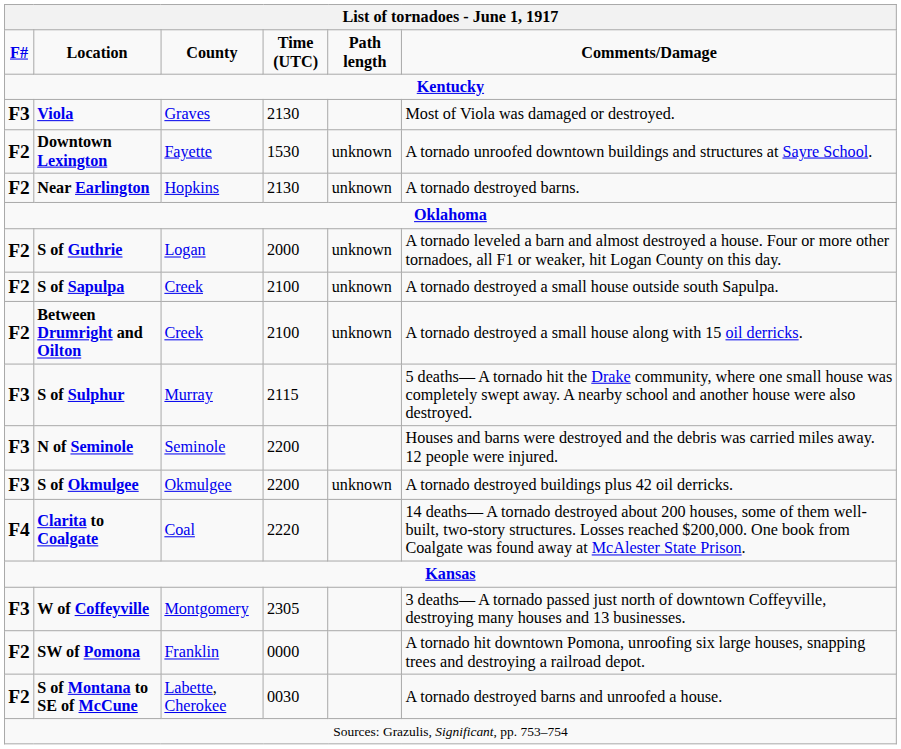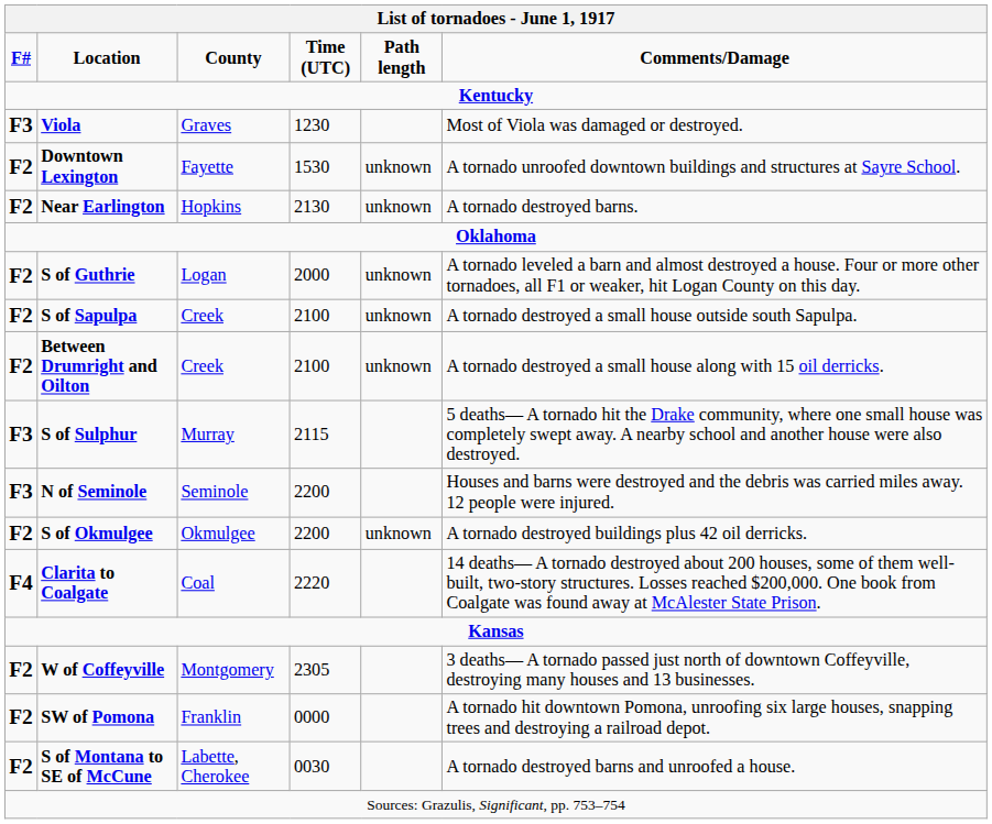 <table class="wikitable collapsible" style="width:100%;">
 <tr>
 <th colspan="6">List of tornadoes - June 1, 1917</th>
 </tr>
 <tr style="text-align:center;">
 <td><strong><a href='#'>F#</a></strong></td>
 <td><strong>Location</strong></td>
 <td><strong>County</strong></td>
 <td><strong>Time (UTC)</strong></td>
 <td><strong>Path length</strong></td>
 <td><strong>Comments/Damage</strong></td>
 </tr>
 <tr>
 <td colspan="7" style="text-align:center;"><strong><a href='#'>Kentucky</a></strong></td>
 </tr>
 <tr>
 <td><big><strong>F3</strong></big></td>
 <td><strong><a href='#'>Viola</a></strong></td>
 <td><a href='#'>Graves</a></td>
-<td>2130</td>
+<td>1230</td>
 <td></td>
 <td>Most of Viola was damaged or destroyed.</td>
 </tr>
 <tr>
 <td><big><strong>F2</strong></big></td>
 <td><strong>Downtown <a href='#'>Lexington</a></strong></td>
 <td><a href='#'>Fayette</a></td>
 <td>1530</td>
 <td>unknown</td>
 <td>A tornado unroofed downtown buildings and structures at <a href='#'>Sayre School</a>.</td>
 </tr>
 <tr>
 <td><big><strong>F2</strong></big></td>
 <td><strong>Near <a href='#'>Earlington</a></strong></td>
 <td><a href='#'>Hopkins</a></td>
 <td>2130</td>
 <td>unknown</td>
 <td>A tornado destroyed barns.</td>
 </tr>
 <tr>
 <td colspan="7" style="text-align:center;"><strong><a href='#'>Oklahoma</a></strong></td>
 </tr>
 <tr>
 <td><big><strong>F2</strong></big></td>
 <td><strong>S of <a href='#'>Guthrie</a></strong></td>
 <td><a href='#'>Logan</a></td>
 <td>2000</td>
 <td>unknown</td>
 <td>A tornado leveled a barn and almost destroyed a house. Four or more other tornadoes, all F1 or weaker, hit Logan County on this day.</td>
 </tr>
 <tr>
 <td><big><strong>F2</strong></big></td>
 <td><strong>S of <a href='#'>Sapulpa</a></strong></td>
 <td><a href='#'>Creek</a></td>
 <td>2100</td>
 <td>unknown</td>
 <td>A tornado destroyed a small house outside south Sapulpa.</td>
 </tr>
 <tr>
 <td><big><strong>F2</strong></big></td>
 <td><strong>Between <a href='#'>Drumright</a> and <a href='#'>Oilton</a></strong></td>
 <td><a href='#'>Creek</a></td>
 <td>2100</td>
 <td>unknown</td>
 <td>A tornado destroyed a small house along with 15 <a href='#'>oil derricks</a>.</td>
 </tr>
 <tr>
 <td><big><strong>F3</strong></big></td>
 <td><strong>S of <a href='#'>Sulphur</a></strong></td>
 <td><a href='#'>Murray</a></td>
 <td>2115</td>
 <td></td>
 <td>5 deaths— A tornado hit the <a href='#'>Drake</a> community, where one small house was completely swept away. A nearby school and another house were also destroyed.</td>
 </tr>
 <tr>
 <td><big><strong>F3</strong></big></td>
 <td><strong>N of <a href='#'>Seminole</a></strong></td>
 <td><a href='#'>Seminole</a></td>
 <td>2200</td>
 <td></td>
 <td>Houses and barns were destroyed and the debris was carried miles away. 12 people were injured.</td>
 </tr>
 <tr>
-<td><big><strong>F3</strong></big></td>
+<td><big><strong>F2</strong></big></td>
 <td><strong>S of <a href='#'>Okmulgee</a></strong></td>
 <td><a href='#'>Okmulgee</a></td>
 <td>2200</td>
 <td>unknown</td>
 <td>A tornado destroyed buildings plus 42 oil derricks.</td>
 </tr>
 <tr>
 <td><big><strong>F4</strong></big></td>
 <td><strong><a href='#'>Clarita</a> to <a href='#'>Coalgate</a></strong></td>
 <td><a href='#'>Coal</a></td>
 <td>2220</td>
 <td></td>
 <td>14 deaths— A tornado destroyed about 200 houses, some of them well-built, two-story structures. Losses reached $200,000. One book from Coalgate was found  away at <a href='#'>McAlester State Prison</a>.</td>
 </tr>
 <tr>
 <td colspan="7" style="text-align:center;"><strong><a href='#'>Kansas</a></strong></td>
 </tr>
 <tr>
-<td><big><strong>F3</strong></big></td>
+<td><big><strong>F2</strong></big></td>
 <td><strong>W of <a href='#'>Coffeyville</a></strong></td>
 <td><a href='#'>Montgomery</a></td>
 <td>2305</td>
 <td></td>
 <td>3 deaths— A tornado passed just north of downtown Coffeyville, destroying many houses and 13 businesses.</td>
 </tr>
 <tr>
 <td><big><strong>F2</strong></big></td>
 <td><strong>SW of <a href='#'>Pomona</a></strong></td>
 <td><a href='#'>Franklin</a></td>
 <td>0000</td>
 <td></td>
 <td>A tornado hit downtown Pomona, unroofing six large houses, snapping trees and destroying a railroad depot.</td>
 </tr>
 <tr>
 <td><big><strong>F2</strong></big></td>
 <td><strong>S of <a href='#'>Montana</a> to SE of <a href='#'>McCune</a></strong></td>
 <td><a href='#'>Labette</a>, <a href='#'>Cherokee</a></td>
 <td>0030</td>
 <td></td>
 <td>A tornado destroyed barns and unroofed a house.</td>
 </tr>
 <tr>
 <td colspan="6" style="text-align:center;"><small>Sources: Grazulis, <em>Significant</em>, pp. 753–754</small></td>
 </tr>
 </table>
